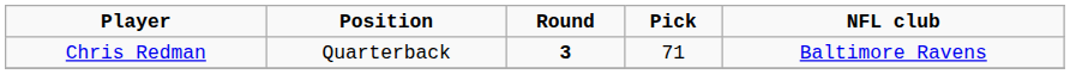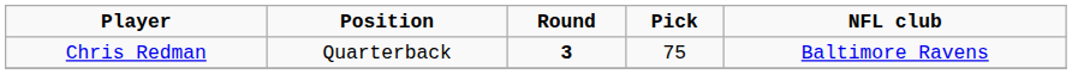 <table class="wikitable" width="80%">
 <tr align="center">
 <td><strong>Player</strong></td>
 <td><strong>Position</strong></td>
 <td><strong>Round</strong></td>
 <td><strong>Pick</strong></td>
 <td><strong>NFL club</strong></td>
 </tr>
 <tr align="center" bgcolor="">
 <td><a href='#'>Chris Redman</a></td>
 <td>Quarterback</td>
 <td><strong>3</strong></td>
-<td>71</td>
+<td>75</td>
 <td><a href='#'>Baltimore Ravens</a></td>
 </tr>
 <tr align="center" bgcolor="">
 </tr>
 </table>
